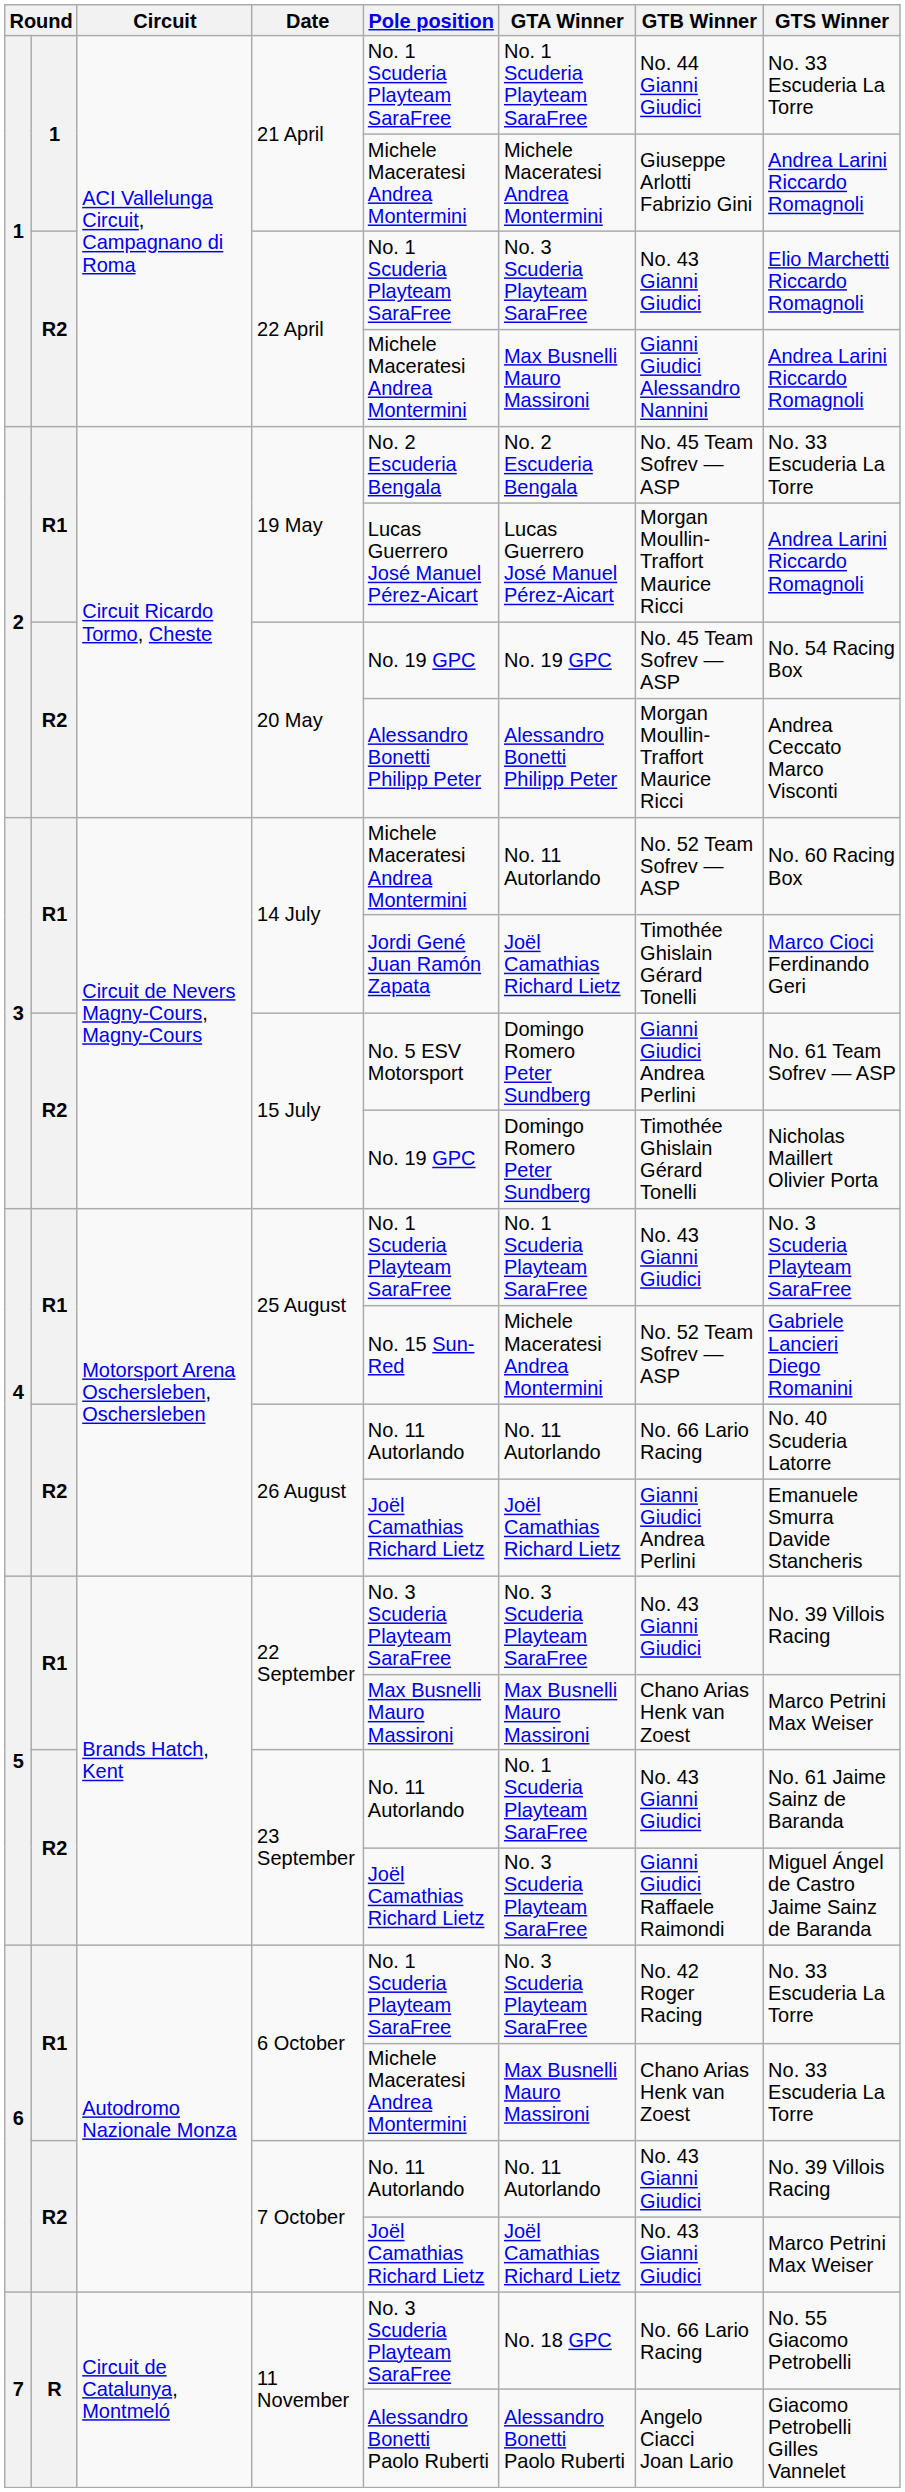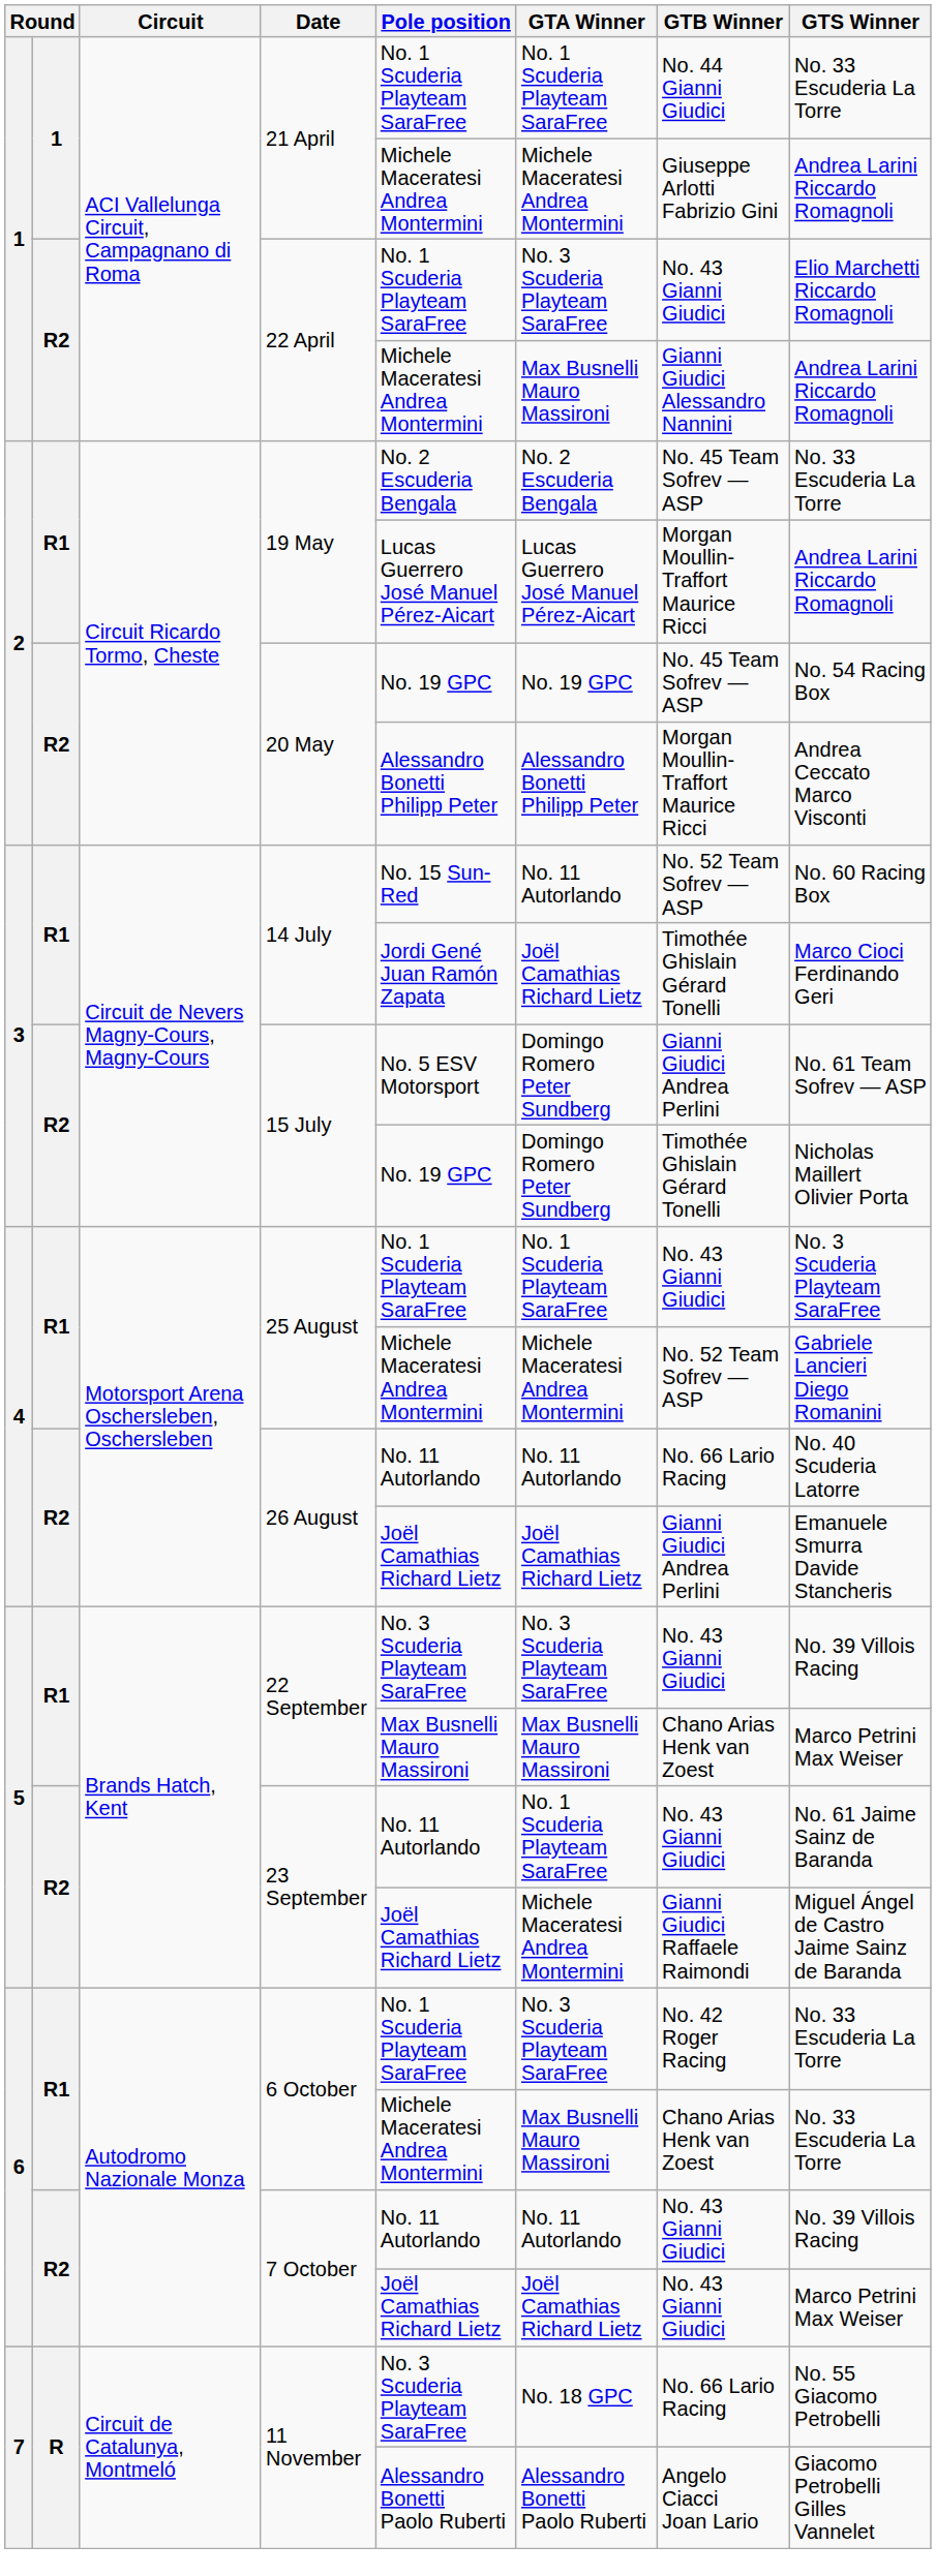 <table class="wikitable" style="font-size: 85%;">
 <tr>
 <th colspan=2>Round</th>
 <th>Circuit</th>
 <th>Date</th>
 <th><a href='#'>Pole position</a></th>
 <th>GTA Winner</th>
 <th>GTB Winner</th>
 <th>GTS Winner</th>
 </tr>
 <tr>
 <th rowspan=4>1</th>
 <th rowspan=2>1</th>
 <td rowspan=4> <a href='#'>ACI Vallelunga Circuit</a>, <a href='#'>Campagnano di Roma</a></td>
 <td rowspan=2>21 April</td>
 <td> No. 1 <a href='#'>Scuderia Playteam SaraFree</a></td>
 <td> No. 1 <a href='#'>Scuderia Playteam SaraFree</a></td>
 <td> No. 44 <a href='#'>Gianni Giudici</a></td>
 <td> No. 33 Escuderia La Torre</td>
 </tr>
 <tr>
 <td> Michele Maceratesi<br> <a href='#'>Andrea Montermini</a></td>
 <td> Michele Maceratesi<br> <a href='#'>Andrea Montermini</a></td>
 <td> Giuseppe Arlotti<br> Fabrizio Gini</td>
 <td> <a href='#'>Andrea Larini</a><br> <a href='#'>Riccardo Romagnoli</a></td>
 </tr>
 <tr>
 <th rowspan=2>R2</th>
 <td rowspan=2>22 April</td>
 <td> No. 1 <a href='#'>Scuderia Playteam SaraFree</a></td>
 <td> No. 3 <a href='#'>Scuderia Playteam SaraFree</a></td>
 <td> No. 43 <a href='#'>Gianni Giudici</a></td>
 <td> <a href='#'>Elio Marchetti</a><br> <a href='#'>Riccardo Romagnoli</a></td>
 </tr>
 <tr>
 <td> Michele Maceratesi<br> <a href='#'>Andrea Montermini</a></td>
 <td> <a href='#'>Max Busnelli</a><br> <a href='#'>Mauro Massironi</a></td>
 <td> <a href='#'>Gianni Giudici</a><br> <a href='#'>Alessandro Nannini</a></td>
 <td> <a href='#'>Andrea Larini</a><br> <a href='#'>Riccardo Romagnoli</a></td>
 </tr>
 <tr>
 <th rowspan=4>2</th>
 <th rowspan=2>R1</th>
 <td rowspan=4> <a href='#'>Circuit Ricardo Tormo</a>, <a href='#'>Cheste</a></td>
 <td rowspan=2>19 May</td>
 <td> No. 2 <a href='#'>Escuderia Bengala</a></td>
 <td> No. 2 <a href='#'>Escuderia Bengala</a></td>
 <td> No. 45 Team Sofrev — ASP</td>
 <td> No. 33 Escuderia La Torre</td>
 </tr>
 <tr>
 <td> Lucas Guerrero<br> <a href='#'>José Manuel Pérez-Aicart</a></td>
 <td> Lucas Guerrero<br> <a href='#'>José Manuel Pérez-Aicart</a></td>
 <td> Morgan Moullin-Traffort<br> Maurice Ricci</td>
 <td> <a href='#'>Andrea Larini</a><br> <a href='#'>Riccardo Romagnoli</a></td>
 </tr>
 <tr>
 <th rowspan=2>R2</th>
 <td rowspan=2>20 May</td>
 <td> No. 19 <a href='#'>GPC</a></td>
 <td> No. 19 <a href='#'>GPC</a></td>
 <td> No. 45 Team Sofrev — ASP</td>
 <td> No. 54 Racing Box</td>
 </tr>
 <tr>
 <td> <a href='#'>Alessandro Bonetti</a><br> <a href='#'>Philipp Peter</a></td>
 <td> <a href='#'>Alessandro Bonetti</a><br> <a href='#'>Philipp Peter</a></td>
 <td> Morgan Moullin-Traffort<br> Maurice Ricci</td>
 <td> Andrea Ceccato<br> Marco Visconti</td>
 </tr>
 <tr>
 <th rowspan=4>3</th>
 <th rowspan=2>R1</th>
 <td rowspan=4> <a href='#'>Circuit de Nevers Magny-Cours</a>, <a href='#'>Magny-Cours</a></td>
 <td rowspan=2>14 July</td>
-<td> Michele Maceratesi<br> <a href='#'>Andrea Montermini</a></td>
+<td> No. 15 <a href='#'>Sun-Red</a></td>
 <td> No. 11 Autorlando</td>
 <td> No. 52 Team Sofrev — ASP</td>
 <td> No. 60 Racing Box</td>
 </tr>
 <tr>
 <td> <a href='#'>Jordi Gené</a><br> <a href='#'>Juan Ramón Zapata</a></td>
 <td> <a href='#'>Joël Camathias</a><br> <a href='#'>Richard Lietz</a></td>
 <td> Timothée Ghislain<br> Gérard Tonelli</td>
 <td> <a href='#'>Marco Cioci</a><br> Ferdinando Geri</td>
 </tr>
 <tr>
 <th rowspan=2>R2</th>
 <td rowspan=2>15 July</td>
 <td> No. 5 ESV Motorsport</td>
 <td> Domingo Romero<br> <a href='#'>Peter Sundberg</a></td>
 <td> <a href='#'>Gianni Giudici</a><br> Andrea Perlini</td>
 <td> No. 61 Team Sofrev — ASP</td>
 </tr>
 <tr>
 <td> No. 19 <a href='#'>GPC</a></td>
 <td> Domingo Romero<br> <a href='#'>Peter Sundberg</a></td>
 <td> Timothée Ghislain<br> Gérard Tonelli</td>
 <td> Nicholas Maillert<br> Olivier Porta</td>
 </tr>
 <tr>
 <th rowspan=4>4</th>
 <th rowspan=2>R1</th>
 <td rowspan=4> <a href='#'>Motorsport Arena Oschersleben</a>, <a href='#'>Oschersleben</a></td>
 <td rowspan=2>25 August</td>
 <td> No. 1 <a href='#'>Scuderia Playteam SaraFree</a></td>
 <td> No. 1 <a href='#'>Scuderia Playteam SaraFree</a></td>
 <td> No. 43 <a href='#'>Gianni Giudici</a></td>
 <td> No. 3 <a href='#'>Scuderia Playteam SaraFree</a></td>
 </tr>
 <tr>
-<td> No. 15 <a href='#'>Sun-Red</a></td>
+<td> Michele Maceratesi<br> <a href='#'>Andrea Montermini</a></td>
 <td> Michele Maceratesi<br> <a href='#'>Andrea Montermini</a></td>
 <td> No. 52 Team Sofrev — ASP</td>
 <td> <a href='#'>Gabriele Lancieri</a><br> <a href='#'>Diego Romanini</a></td>
 </tr>
 <tr>
 <th rowspan=2>R2</th>
 <td rowspan=2>26 August</td>
 <td> No. 11 Autorlando</td>
 <td> No. 11 Autorlando</td>
 <td> No. 66 Lario Racing</td>
 <td> No. 40 Scuderia Latorre</td>
 </tr>
 <tr>
 <td> <a href='#'>Joël Camathias</a><br> <a href='#'>Richard Lietz</a></td>
 <td> <a href='#'>Joël Camathias</a><br> <a href='#'>Richard Lietz</a></td>
 <td> <a href='#'>Gianni Giudici</a><br> Andrea Perlini</td>
 <td> Emanuele Smurra<br> Davide Stancheris</td>
 </tr>
 <tr>
 <th rowspan=4>5</th>
 <th rowspan=2>R1</th>
 <td rowspan=4> <a href='#'>Brands Hatch</a>, <a href='#'>Kent</a></td>
 <td rowspan=2>22 September</td>
 <td> No. 3 <a href='#'>Scuderia Playteam SaraFree</a></td>
 <td> No. 3 <a href='#'>Scuderia Playteam SaraFree</a></td>
 <td> No. 43 <a href='#'>Gianni Giudici</a></td>
 <td> No. 39 Villois Racing</td>
 </tr>
 <tr>
 <td> <a href='#'>Max Busnelli</a><br> <a href='#'>Mauro Massironi</a></td>
 <td> <a href='#'>Max Busnelli</a><br> <a href='#'>Mauro Massironi</a></td>
 <td> Chano Arias<br> Henk van Zoest</td>
 <td> Marco Petrini<br> Max Weiser</td>
 </tr>
 <tr>
 <th rowspan=2>R2</th>
 <td rowspan=2>23 September</td>
 <td> No. 11 Autorlando</td>
 <td> No. 1 <a href='#'>Scuderia Playteam SaraFree</a></td>
 <td> No. 43 <a href='#'>Gianni Giudici</a></td>
 <td> No. 61 Jaime Sainz de Baranda</td>
 </tr>
 <tr>
 <td> <a href='#'>Joël Camathias</a><br> <a href='#'>Richard Lietz</a></td>
-<td> No. 3 <a href='#'>Scuderia Playteam SaraFree</a></td>
+<td> Michele Maceratesi<br> <a href='#'>Andrea Montermini</a></td>
 <td> <a href='#'>Gianni Giudici</a><br> Raffaele Raimondi</td>
 <td> Miguel Ángel de Castro<br> Jaime Sainz de Baranda</td>
 </tr>
 <tr>
 <th rowspan=4>6</th>
 <th rowspan=2>R1</th>
 <td rowspan=4> <a href='#'>Autodromo Nazionale Monza</a></td>
 <td rowspan=2>6 October</td>
 <td> No. 1 <a href='#'>Scuderia Playteam SaraFree</a></td>
 <td> No. 3 <a href='#'>Scuderia Playteam SaraFree</a></td>
 <td> No. 42 Roger Racing</td>
 <td> No. 33 Escuderia La Torre</td>
 </tr>
 <tr>
 <td> Michele Maceratesi<br> <a href='#'>Andrea Montermini</a></td>
 <td> <a href='#'>Max Busnelli</a><br> <a href='#'>Mauro Massironi</a></td>
 <td> Chano Arias<br> Henk van Zoest</td>
 <td> No. 33 Escuderia La Torre</td>
 </tr>
 <tr>
 <th rowspan=2>R2</th>
 <td rowspan=2>7 October</td>
 <td> No. 11 Autorlando</td>
 <td> No. 11 Autorlando</td>
 <td> No. 43 <a href='#'>Gianni Giudici</a></td>
 <td> No. 39 Villois Racing</td>
 </tr>
 <tr>
 <td> <a href='#'>Joël Camathias</a><br> <a href='#'>Richard Lietz</a></td>
 <td> <a href='#'>Joël Camathias</a><br> <a href='#'>Richard Lietz</a></td>
 <td> No. 43 <a href='#'>Gianni Giudici</a></td>
 <td> Marco Petrini<br> Max Weiser</td>
 </tr>
 <tr>
 <th rowspan=2>7</th>
 <th rowspan=2>R</th>
 <td rowspan=2> <a href='#'>Circuit de Catalunya</a>, <a href='#'>Montmeló</a></td>
 <td rowspan=2>11 November</td>
 <td> No. 3 <a href='#'>Scuderia Playteam SaraFree</a></td>
 <td> No. 18 <a href='#'>GPC</a></td>
 <td> No. 66 Lario Racing</td>
 <td> No. 55 Giacomo Petrobelli</td>
 </tr>
 <tr>
 <td> <a href='#'>Alessandro Bonetti</a><br> Paolo Ruberti</td>
 <td> <a href='#'>Alessandro Bonetti</a><br> Paolo Ruberti</td>
 <td> Angelo Ciacci<br> Joan Lario</td>
 <td> Giacomo Petrobelli<br> Gilles Vannelet</td>
 </tr>
 </table>
